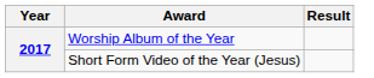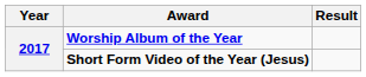 <table class="wikitable">
 <tr>
 <th style="width:60px;">Year</th>
 <th>Award</th>
 <th>Result</th>
 </tr>
 <tr>
 <th rowspan="2"><a href='#'>2017</a></th>
-<td><a href='#'>Worship Album of the Year</a></td>
+<td><strong><a href='#'>Worship Album of the Year</a></strong></td>
 <td></td>
 </tr>
 <tr>
-<td>Short Form Video of the Year (Jesus)</td>
+<td><strong>Short Form Video of the Year (Jesus)</strong></td>
 <td></td>
 </tr>
 </table>
